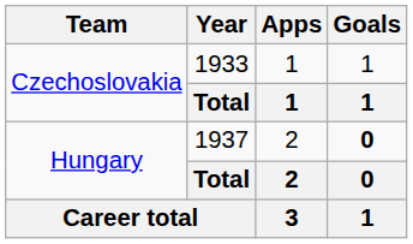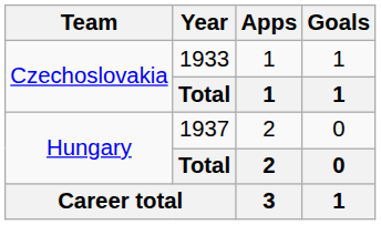 <table class="wikitable" style="text-align:center">
 <tr>
 <th>Team</th>
 <th>Year</th>
 <th>Apps</th>
 <th>Goals</th>
 </tr>
 <tr>
 <td rowspan="2"><a href='#'>Czechoslovakia</a></td>
 <td>1933</td>
 <td>1</td>
 <td>1</td>
 </tr>
 <tr>
 <th>Total</th>
 <th>1</th>
 <th>1</th>
 </tr>
 <tr>
 <td rowspan="2"><a href='#'>Hungary</a></td>
 <td>1937</td>
 <td>2</td>
-<td><strong>0</strong></td>
+<td>0</td>
 </tr>
 <tr>
 <th>Total</th>
 <th>2</th>
 <th>0</th>
 </tr>
 <tr>
 <th colspan="2">Career total</th>
 <th>3</th>
 <th>1</th>
 </tr>
 </table>
